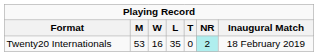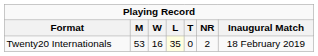 <table class="wikitable" style="text-align: center; width: 500px;">
 <tr>
 <td colspan=7 align="center"><strong>Playing Record</strong></td>
 </tr>
 <tr>
 <th>Format</th>
 <th>M</th>
 <th>W</th>
 <th>L</th>
 <th>T</th>
 <th>NR</th>
 <th>Inaugural Match</th>
 </tr>
 <tr>
 <td align="left">Twenty20 Internationals</td>
 <td>53</td>
 <td>16</td>
-<td>35</td>
+<td style="background: lightyellow;">35</td>
 <td>0</td>
-<td style="background: paleturquoise;">2</td>
+<td>2</td>
 <td>18 February 2019</td>
 </tr>
 </table>
